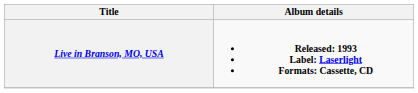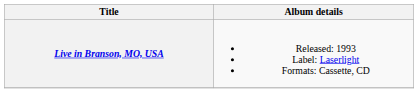 <table class="wikitable plainrowheaders" style="text-align:center;">
 <tr>
 <th scope="col" style="width:21em;">Title</th>
 <th scope="col" style="width:20em;">Album details</th>
 </tr>
 <tr>
 <th scope="row"><em><a href='#'>Live in Branson, MO, USA</a></em></th>
-<td><strong><br><ul><li>Released: 1993</li><li>Label: <a href='#'>Laserlight</a></li><li>Formats: Cassette, CD</li></ul></strong></td>
+<td><br><ul><li>Released: 1993</li><li>Label: <a href='#'>Laserlight</a></li><li>Formats: Cassette, CD</li></ul></td>
 </tr>
 <tr>
 </tr>
 </table>
